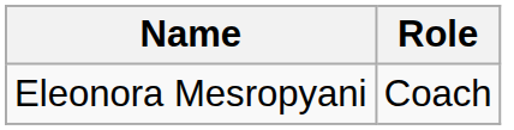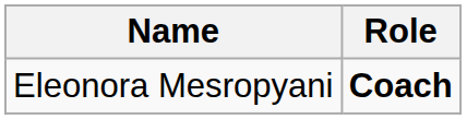 <table class="wikitable">
 <tr>
 <th>Name</th>
 <th>Role</th>
 </tr>
 <tr>
 <td> Eleonora Mesropyani</td>
-<td>Coach</td>
+<td><strong>Coach</strong></td>
 </tr>
 </table>
